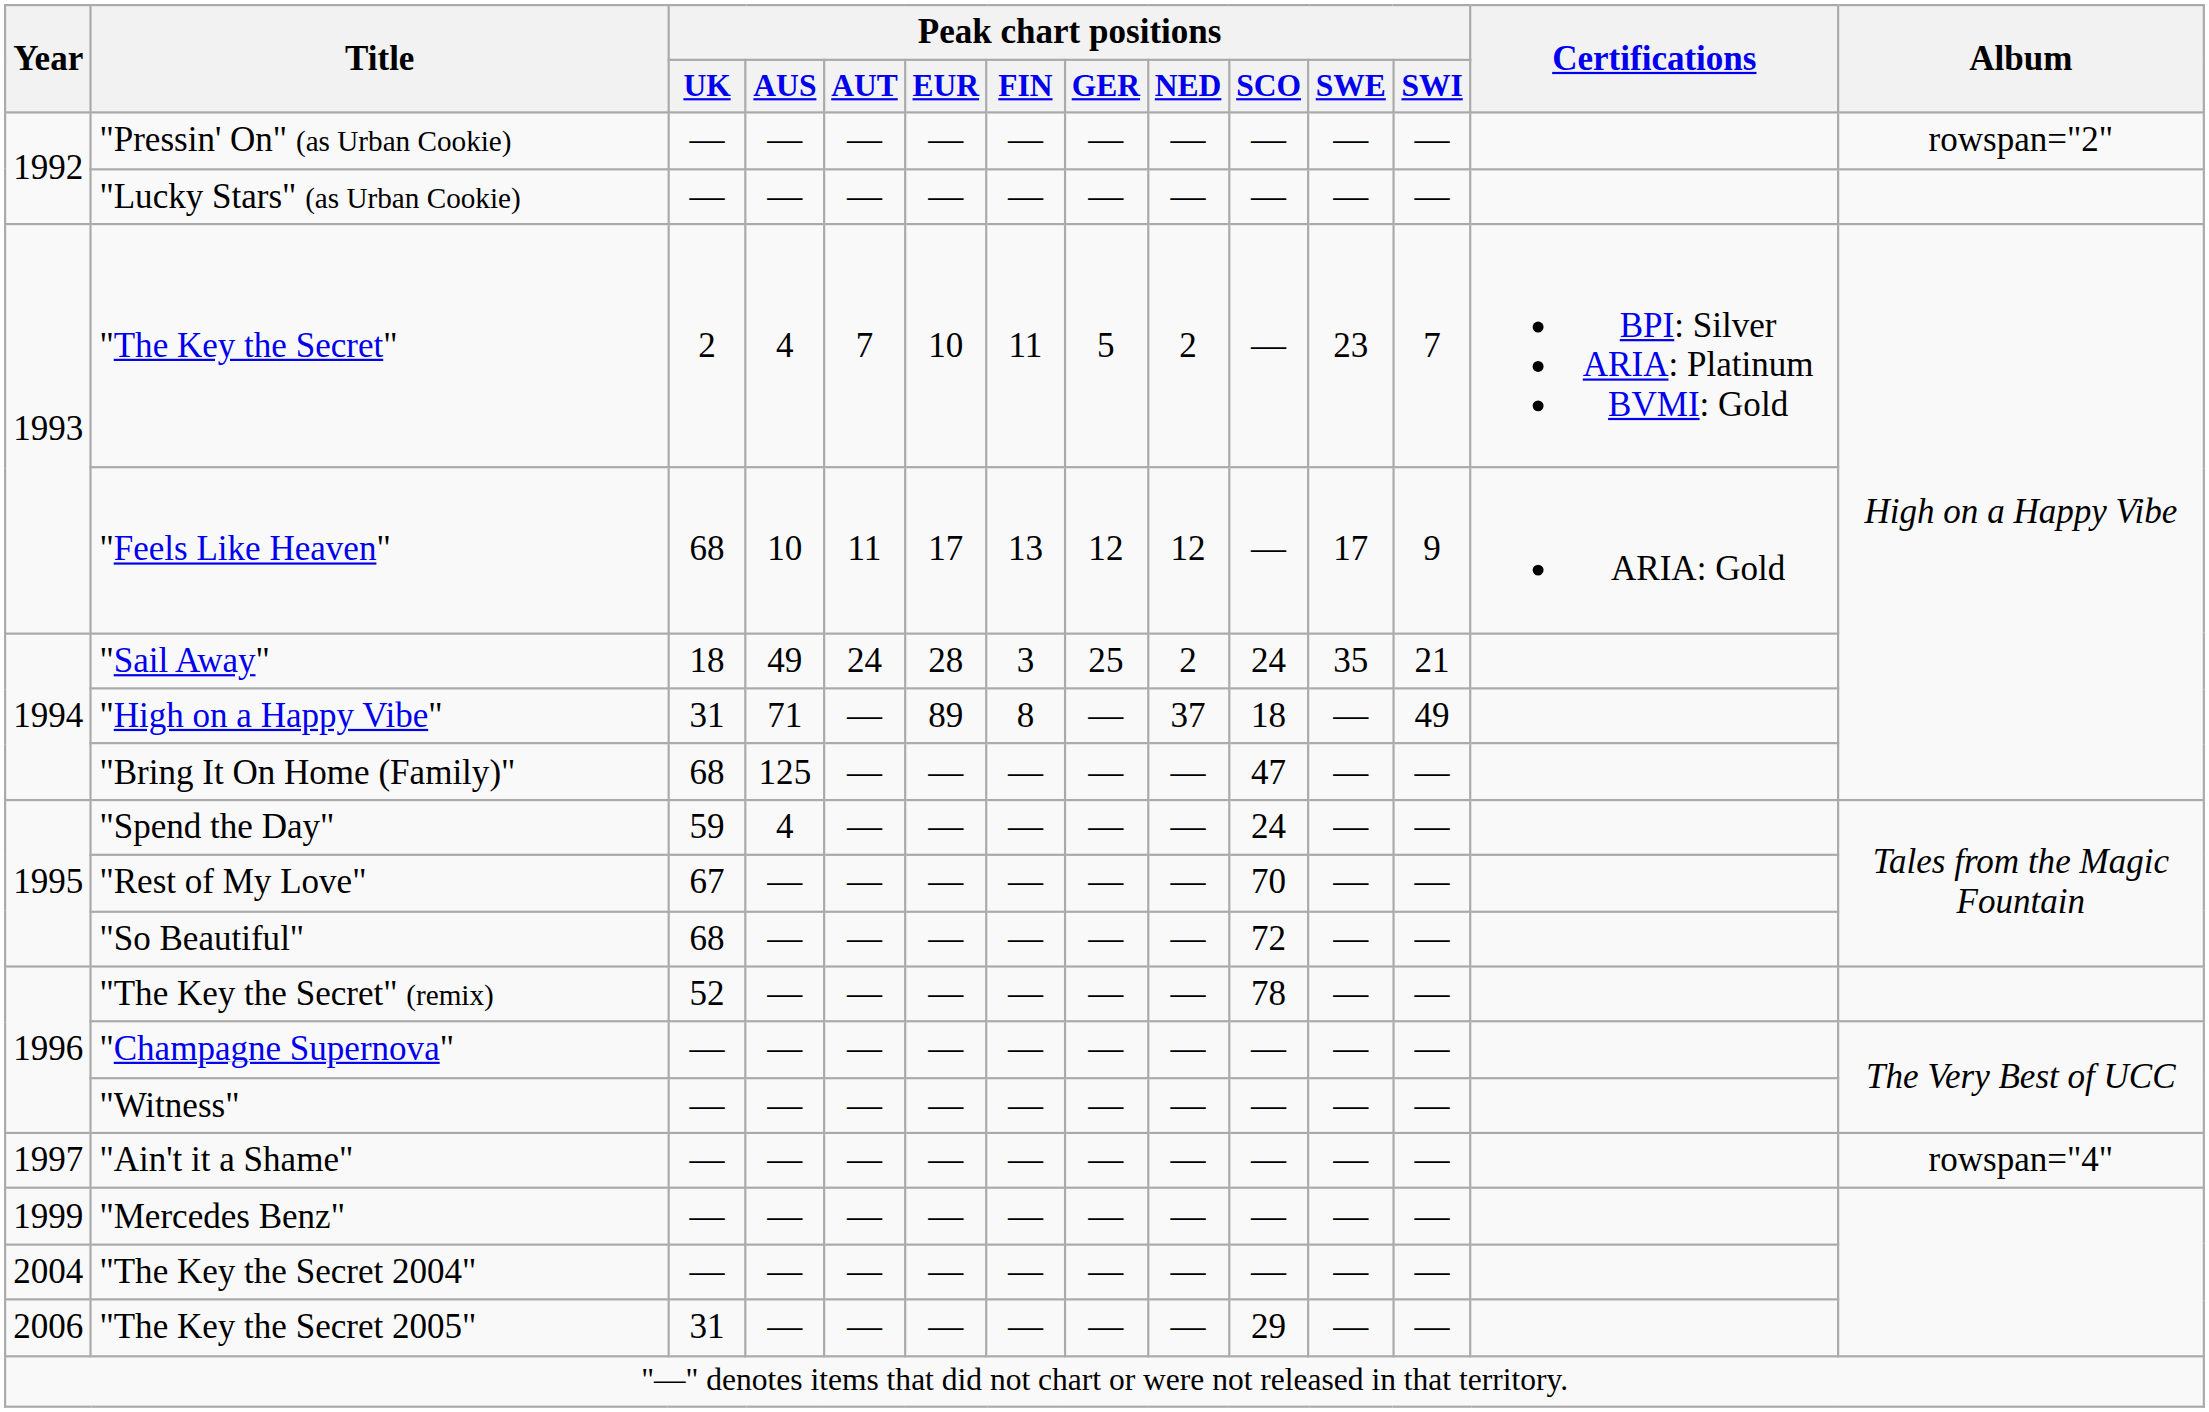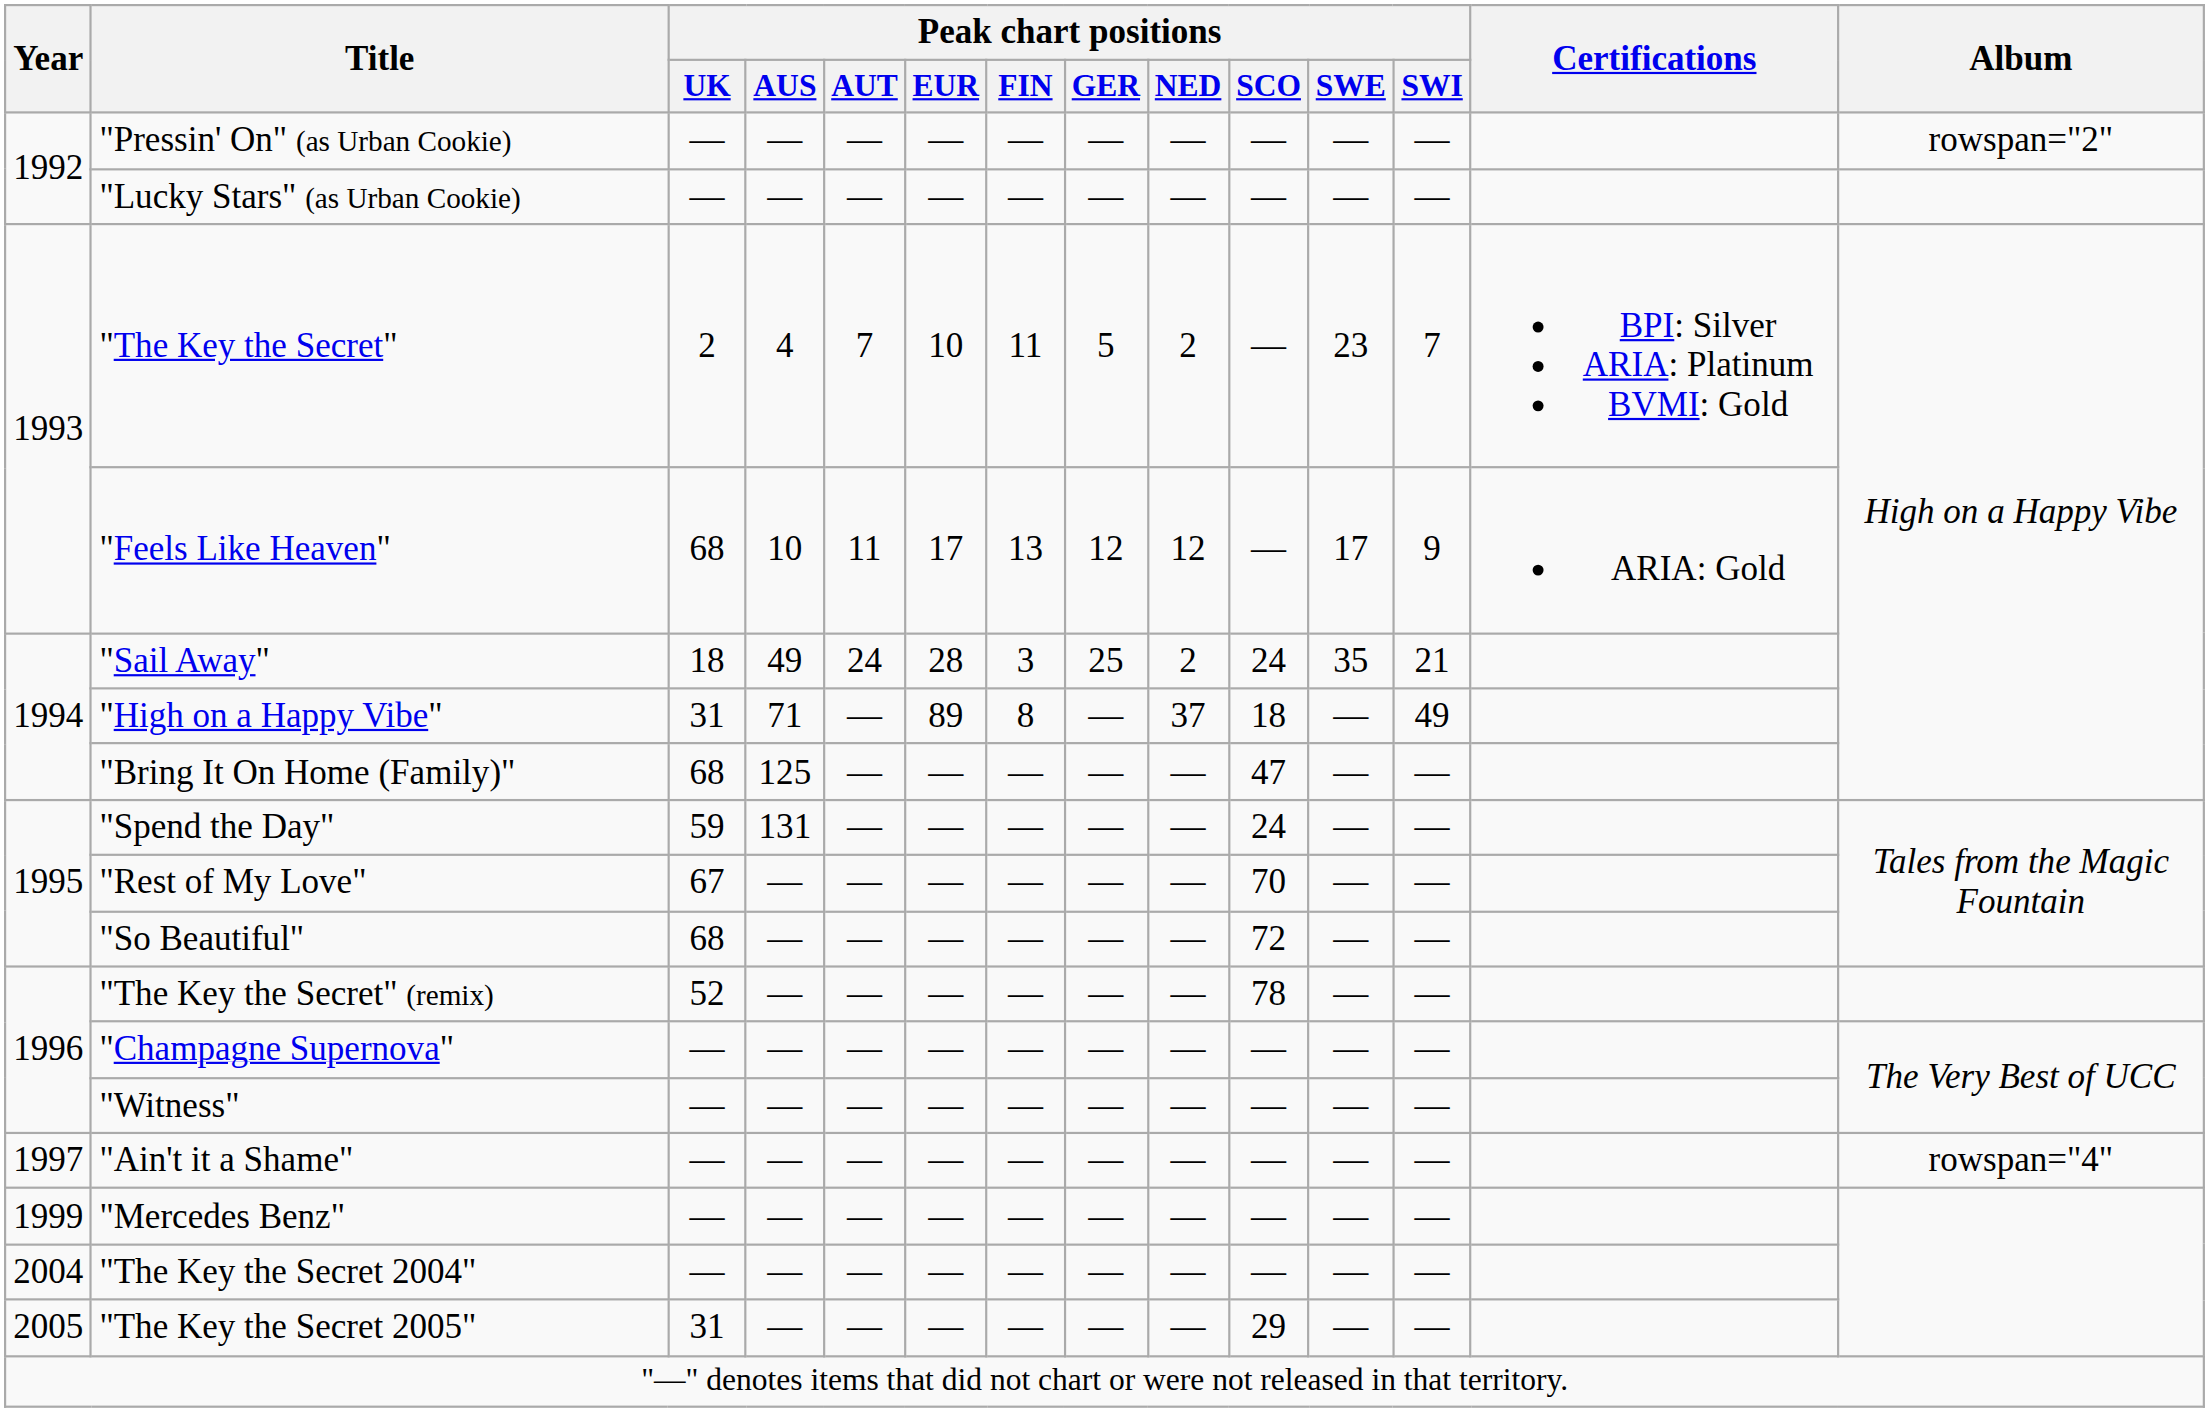 <table class="wikitable" style="text-align:center;">
 <tr>
 <th rowspan="2" style="width:2em;">Year</th>
 <th rowspan="2" style="width:16em;">Title</th>
 <th colspan="10">Peak chart positions</th>
 <th rowspan="2" style="width:10em;"><a href='#'>Certifications</a></th>
 <th rowspan="2" style="width:10em;">Album</th>
 </tr>
 <tr>
 <th style="width:2em;font-size:90%;"><a href='#'>UK</a><br></th>
 <th style="width:2em;font-size:90%;"><a href='#'>AUS</a><br></th>
 <th style="width:2em;font-size:90%;"><a href='#'>AUT</a><br></th>
 <th style="width:2em;font-size:90%;"><a href='#'>EUR</a><br></th>
 <th style="width:2em;font-size:90%;"><a href='#'>FIN</a><br></th>
 <th style="width:2em;font-size:90%;"><a href='#'>GER</a><br></th>
 <th style="width:2em;font-size:90%;"><a href='#'>NED</a><br></th>
 <th style="width:2em;font-size:90%;"><a href='#'>SCO</a><br></th>
 <th style="width:2em;font-size:90%;"><a href='#'>SWE</a><br></th>
 <th style="width:2em;font-size:90%;"><a href='#'>SWI</a><br></th>
 </tr>
 <tr>
 <td rowspan="2">1992</td>
 <td style="text-align:left;">"Pressin' On" <small>(as Urban Cookie)</small></td>
 <td>—</td>
 <td>—</td>
 <td>—</td>
 <td>—</td>
 <td>—</td>
 <td>—</td>
 <td>—</td>
 <td>—</td>
 <td>—</td>
 <td>—</td>
 <td></td>
 <td>rowspan="2" </td>
 </tr>
 <tr>
 <td style="text-align:left;">"Lucky Stars" <small>(as Urban Cookie)</small></td>
 <td>—</td>
 <td>—</td>
 <td>—</td>
 <td>—</td>
 <td>—</td>
 <td>—</td>
 <td>—</td>
 <td>—</td>
 <td>—</td>
 <td>—</td>
 <td></td>
 </tr>
 <tr>
 <td rowspan="2">1993</td>
 <td style="text-align:left;">"<a href='#'>The Key the Secret</a>"</td>
 <td>2</td>
 <td>4</td>
 <td>7</td>
 <td>10</td>
 <td>11</td>
 <td>5</td>
 <td>2</td>
 <td>—</td>
 <td>23</td>
 <td>7</td>
 <td><br><ul><li><a href='#'>BPI</a>: Silver</li><li><a href='#'>ARIA</a>: Platinum</li><li><a href='#'>BVMI</a>: Gold</li></ul></td>
 <td rowspan="5"><em>High on a Happy Vibe</em></td>
 </tr>
 <tr>
 <td style="text-align:left;">"<a href='#'>Feels Like Heaven</a>"</td>
 <td>68</td>
 <td>10</td>
 <td>11</td>
 <td>17</td>
 <td>13</td>
 <td>12</td>
 <td>12</td>
 <td>—</td>
 <td>17</td>
 <td>9</td>
 <td><br><ul><li>ARIA: Gold</li></ul></td>
 </tr>
 <tr>
 <td rowspan="3">1994</td>
 <td style="text-align:left;">"<a href='#'>Sail Away</a>"</td>
 <td>18</td>
 <td>49</td>
 <td>24</td>
 <td>28</td>
 <td>3</td>
 <td>25</td>
 <td>2</td>
 <td>24</td>
 <td>35</td>
 <td>21</td>
 <td></td>
 </tr>
 <tr>
 <td style="text-align:left;">"<a href='#'>High on a Happy Vibe</a>"</td>
 <td>31</td>
 <td>71</td>
 <td>—</td>
 <td>89</td>
 <td>8</td>
 <td>—</td>
 <td>37</td>
 <td>18</td>
 <td>—</td>
 <td>49</td>
 <td></td>
 </tr>
 <tr>
 <td style="text-align:left;">"Bring It On Home (Family)"</td>
 <td>68</td>
 <td>125</td>
 <td>—</td>
 <td>—</td>
 <td>—</td>
 <td>—</td>
 <td>—</td>
 <td>47</td>
 <td>—</td>
 <td>—</td>
 <td></td>
 </tr>
 <tr>
 <td rowspan="3">1995</td>
 <td style="text-align:left;">"Spend the Day"</td>
 <td>59</td>
-<td>4</td>
+<td>131</td>
 <td>—</td>
 <td>—</td>
 <td>—</td>
 <td>—</td>
 <td>—</td>
 <td>24</td>
 <td>—</td>
 <td>—</td>
 <td></td>
 <td rowspan="3"><em>Tales from the Magic Fountain</em></td>
 </tr>
 <tr>
 <td style="text-align:left;">"Rest of My Love"</td>
 <td>67</td>
 <td>—</td>
 <td>—</td>
 <td>—</td>
 <td>—</td>
 <td>—</td>
 <td>—</td>
 <td>70</td>
 <td>—</td>
 <td>—</td>
 <td></td>
 </tr>
 <tr>
 <td style="text-align:left;">"So Beautiful"</td>
 <td>68</td>
 <td>—</td>
 <td>—</td>
 <td>—</td>
 <td>—</td>
 <td>—</td>
 <td>—</td>
 <td>72</td>
 <td>—</td>
 <td>—</td>
 <td></td>
 </tr>
 <tr>
 <td rowspan="3">1996</td>
 <td style="text-align:left;">"The Key the Secret" <small>(remix)</small></td>
 <td>52</td>
 <td>—</td>
 <td>—</td>
 <td>—</td>
 <td>—</td>
 <td>—</td>
 <td>—</td>
 <td>78</td>
 <td>—</td>
 <td>—</td>
 <td></td>
 <td></td>
 </tr>
 <tr>
 <td style="text-align:left;">"<a href='#'>Champagne Supernova</a>"</td>
 <td>—</td>
 <td>—</td>
 <td>—</td>
 <td>—</td>
 <td>—</td>
 <td>—</td>
 <td>—</td>
 <td>—</td>
 <td>—</td>
 <td>—</td>
 <td></td>
 <td rowspan="2"><em>The Very Best of UCC</em></td>
 </tr>
 <tr>
 <td style="text-align:left;">"Witness"</td>
 <td>—</td>
 <td>—</td>
 <td>—</td>
 <td>—</td>
 <td>—</td>
 <td>—</td>
 <td>—</td>
 <td>—</td>
 <td>—</td>
 <td>—</td>
 <td></td>
 </tr>
 <tr>
 <td>1997</td>
 <td style="text-align:left;">"Ain't it a Shame"</td>
 <td>—</td>
 <td>—</td>
 <td>—</td>
 <td>—</td>
 <td>—</td>
 <td>—</td>
 <td>—</td>
 <td>—</td>
 <td>—</td>
 <td>—</td>
 <td></td>
 <td>rowspan="4" </td>
 </tr>
 <tr>
 <td>1999</td>
 <td style="text-align:left;">"Mercedes Benz"</td>
 <td>—</td>
 <td>—</td>
 <td>—</td>
 <td>—</td>
 <td>—</td>
 <td>—</td>
 <td>—</td>
 <td>—</td>
 <td>—</td>
 <td>—</td>
 <td></td>
 </tr>
 <tr>
 <td>2004</td>
 <td style="text-align:left;">"The Key the Secret 2004"</td>
 <td>—</td>
 <td>—</td>
 <td>—</td>
 <td>—</td>
 <td>—</td>
 <td>—</td>
 <td>—</td>
 <td>—</td>
 <td>—</td>
 <td>—</td>
 <td></td>
 </tr>
 <tr>
-<td>2006</td>
+<td>2005</td>
 <td style="text-align:left;">"The Key the Secret 2005"</td>
 <td>31</td>
 <td>—</td>
 <td>—</td>
 <td>—</td>
 <td>—</td>
 <td>—</td>
 <td>—</td>
 <td>29</td>
 <td>—</td>
 <td>—</td>
 <td></td>
 </tr>
 <tr>
 <td colspan="15" style="font-size:90%">"—" denotes items that did not chart or were not released in that territory.</td>
 </tr>
 </table>
